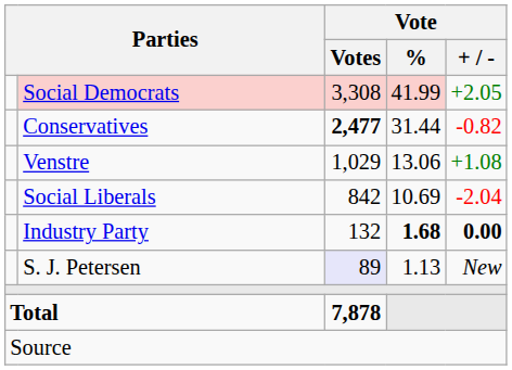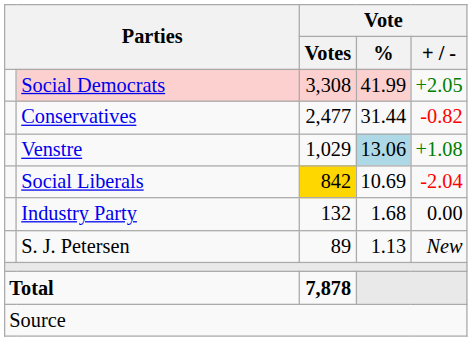 <table class="wikitable" style="text-align:right;">
 <tr>
 <th style="text-align:centre;" rowspan="2" colspan="2" width="225">Parties</th>
 <th colspan="3">Vote</th>
 </tr>
 <tr>
 <th width="15">Votes</th>
 <th width="15">%</th>
 <th width="15">+ / -</th>
 </tr>
 <tr>
 <td width="2" style="color:inherit;background:"></td>
 <td bgcolor=#fbd0ce  align="left"><a href='#'>Social Democrats</a></td>
 <td bgcolor=#fbd0ce>3,308</td>
 <td bgcolor=#fbd0ce>41.99</td>
 <td style=color:green;>+2.05</td>
 </tr>
 <tr>
 <td width="2" style="color:inherit;background:"></td>
 <td align="left"><a href='#'>Conservatives</a></td>
-<td><strong>2,477</strong></td>
+<td>2,477</td>
 <td>31.44</td>
 <td style=color:red;>-0.82</td>
 </tr>
 <tr>
 <td width="2" style="color:inherit;background:"></td>
 <td align="left"><a href='#'>Venstre</a></td>
 <td>1,029</td>
-<td>13.06</td>
+<td style="background: lightblue;">13.06</td>
 <td style=color:green;>+1.08</td>
 </tr>
 <tr>
 <td width="2" style="color:inherit;background:"></td>
 <td align="left"><a href='#'>Social Liberals</a></td>
-<td>842</td>
+<td style="background: gold;">842</td>
 <td>10.69</td>
 <td style=color:red;>-2.04</td>
 </tr>
 <tr>
 <td width="2" style="color:inherit;background:"></td>
 <td align="left"><a href='#'>Industry Party</a></td>
 <td>132</td>
-<td><strong>1.68</strong></td>
-<td><strong>0.00</strong></td>
+<td>1.68</td>
+<td>0.00</td>
 </tr>
 <tr>
 <td width="2" style="color:inherit;background:"></td>
 <td align="left">S. J. Petersen</td>
-<td style="background: lavender;">89</td>
+<td>89</td>
 <td>1.13</td>
 <td><em>New</em></td>
 </tr>
 <tr>
 <td colspan="7" bgcolor="#E9E9E9"></td>
 </tr>
 <tr>
 <td align="left" colspan="2"><strong>Total</strong></td>
 <td><strong>7,878</strong></td>
 <td bgcolor="#E9E9E9" colspan="2"></td>
 </tr>
 <tr>
 <td align="left" colspan="6">Source</td>
 </tr>
 </table>
